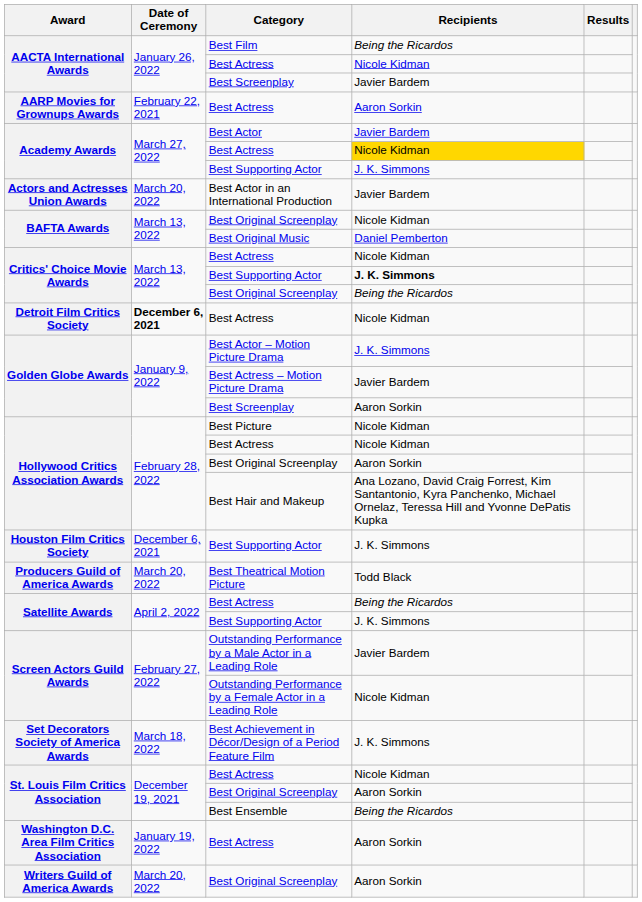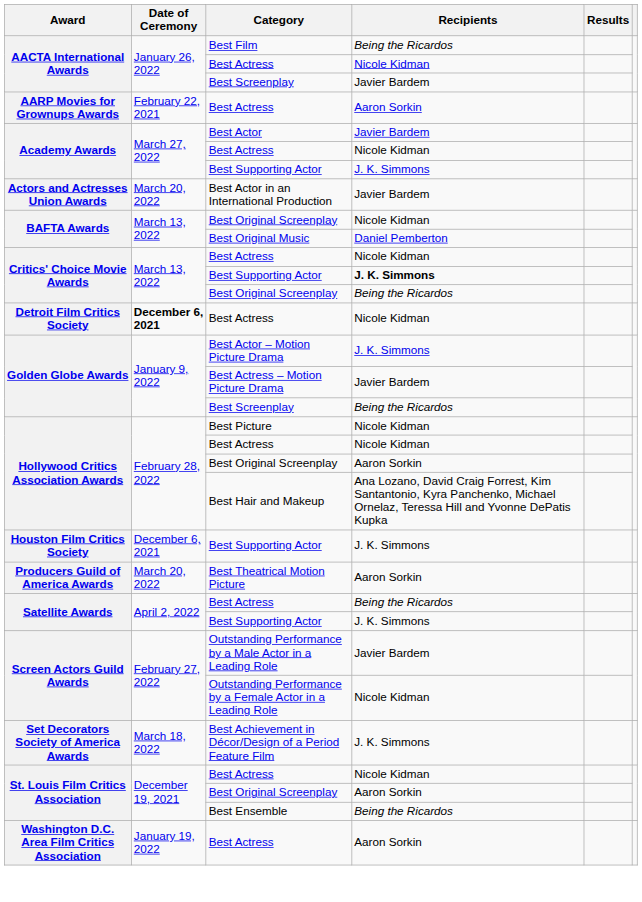 <table class="wikitable plainrowheaders sortable">
 <tr>
 <th>Award</th>
 <th>Date of Ceremony</th>
 <th>Category</th>
 <th>Recipients</th>
 <th>Results</th>
 <th class="unsortable"></th>
 </tr>
 <tr>
 <th scope="row" rowspan="3"><a href='#'>AACTA International Awards</a></th>
 <td rowspan="3"><a href='#'>January 26, 2022</a></td>
 <td><a href='#'>Best Film</a></td>
 <td><em>Being the Ricardos</em></td>
 <td></td>
 <td align="center"; rowspan=3></td>
 </tr>
 <tr>
 <td><a href='#'>Best Actress</a></td>
 <td><a href='#'>Nicole Kidman</a></td>
 <td></td>
 </tr>
 <tr>
 <td><a href='#'>Best Screenplay</a></td>
 <td>Javier Bardem</td>
 <td></td>
 </tr>
 <tr>
 <th scope = "row"><a href='#'>AARP Movies for Grownups Awards</a></th>
 <td><a href='#'>February 22, 2021</a></td>
 <td><a href='#'>Best Actress</a></td>
 <td><a href='#'>Aaron Sorkin</a></td>
 <td></td>
 <td align="center"></td>
 </tr>
 <tr>
 <th scope="row" rowspan="3"><a href='#'>Academy Awards</a></th>
 <td rowspan=3><a href='#'>March 27, 2022</a></td>
 <td><a href='#'>Best Actor</a></td>
 <td><a href='#'>Javier Bardem</a></td>
 <td></td>
 <td rowspan=3; style="text-align:center"></td>
 </tr>
 <tr>
 <td><a href='#'>Best Actress</a></td>
-<td style="background: gold;">Nicole Kidman</td>
+<td>Nicole Kidman</td>
 <td></td>
 </tr>
 <tr>
 <td><a href='#'>Best Supporting Actor</a></td>
 <td><a href='#'>J. K. Simmons</a></td>
 <td></td>
 </tr>
 <tr>
 <th scope = "row"><a href='#'>Actors and Actresses Union Awards</a></th>
 <td><a href='#'>March 20, 2022</a></td>
 <td>Best Actor in an International Production</td>
 <td>Javier Bardem</td>
 <td></td>
 <td align="center"></td>
 </tr>
 <tr>
 <th scope="row" rowspan="2"><a href='#'>BAFTA Awards</a></th>
 <td rowspan=2><a href='#'>March 13, 2022</a></td>
 <td><a href='#'>Best Original Screenplay</a></td>
 <td>Nicole Kidman</td>
 <td></td>
 <td rowspan="2" ; style="text-align:center"></td>
 </tr>
 <tr>
 <td><a href='#'>Best Original Music</a></td>
 <td><a href='#'>Daniel Pemberton</a></td>
 <td></td>
 </tr>
 <tr>
 <th scope="row" rowspan="3"><a href='#'>Critics' Choice Movie Awards</a></th>
 <td rowspan=3><a href='#'>March 13, 2022</a></td>
 <td><a href='#'>Best Actress</a></td>
 <td>Nicole Kidman</td>
 <td></td>
 <td rowspan=3; style="text-align:center"></td>
 </tr>
 <tr>
 <td><a href='#'>Best Supporting Actor</a></td>
 <td><strong>J. K. Simmons</strong></td>
 <td></td>
 </tr>
 <tr>
 <td><a href='#'>Best Original Screenplay</a></td>
 <td><em>Being the Ricardos</em></td>
 <td></td>
 </tr>
 <tr>
 <th scope="row"><a href='#'>Detroit Film Critics Society</a></th>
 <td><strong>December 6, 2021</strong></td>
 <td>Best Actress</td>
 <td>Nicole Kidman</td>
 <td></td>
 <td align="center"></td>
 </tr>
 <tr>
 <th scope="row" rowspan="3"><a href='#'>Golden Globe Awards</a></th>
 <td rowspan=3><a href='#'>January 9, 2022</a></td>
 <td><a href='#'>Best Actor – Motion Picture Drama</a></td>
 <td><a href='#'>J. K. Simmons</a></td>
 <td></td>
 <td rowspan="3" ; style="text-align:center"></td>
 </tr>
 <tr>
 <td><a href='#'>Best Actress – Motion Picture Drama</a></td>
 <td>Javier Bardem</td>
 <td></td>
 </tr>
 <tr>
 <td><a href='#'>Best Screenplay</a></td>
-<td>Aaron Sorkin</td>
+<td><em>Being the Ricardos</em></td>
 <td></td>
 </tr>
 <tr>
 <th scope="row" rowspan="4"><a href='#'>Hollywood Critics Association Awards</a></th>
 <td rowspan=4><a href='#'>February 28, 2022</a></td>
 <td>Best Picture</td>
 <td>Nicole Kidman</td>
 <td></td>
 <td rowspan="4" ; style="text-align:center"></td>
 </tr>
 <tr>
 <td>Best Actress</td>
 <td>Nicole Kidman</td>
 <td></td>
 </tr>
 <tr>
 <td>Best Original Screenplay</td>
 <td>Aaron Sorkin</td>
 <td></td>
 </tr>
 <tr>
 <td>Best Hair and Makeup</td>
 <td>Ana Lozano, David Craig Forrest, Kim Santantonio, Kyra Panchenko, Michael Ornelaz, Teressa Hill and Yvonne DePatis Kupka</td>
 <td></td>
 </tr>
 <tr>
 <th scope="row"><a href='#'>Houston Film Critics Society</a></th>
 <td><a href='#'>December 6, 2021</a></td>
 <td><a href='#'>Best Supporting Actor</a></td>
 <td>J. K. Simmons</td>
 <td></td>
 <td align="center"></td>
 </tr>
 <tr>
 <th scope="row"><a href='#'>Producers Guild of America Awards</a></th>
 <td><a href='#'>March 20, 2022</a></td>
 <td><a href='#'>Best Theatrical Motion Picture</a></td>
-<td>Todd Black</td>
+<td>Aaron Sorkin</td>
 <td></td>
 <td align="center"></td>
 </tr>
 <tr>
 <th scope="row" rowspan="2"><a href='#'>Satellite Awards</a></th>
 <td rowspan=2><a href='#'>April 2, 2022</a></td>
 <td><a href='#'>Best Actress</a></td>
 <td><em>Being the Ricardos</em></td>
 <td></td>
 <td rowspan="2" ; style="text-align:center"></td>
 </tr>
 <tr>
 <td><a href='#'>Best Supporting Actor</a></td>
 <td>J. K. Simmons</td>
 <td></td>
 </tr>
 <tr>
 <th scope="row" rowspan="2"><a href='#'>Screen Actors Guild Awards</a></th>
 <td rowspan=2><a href='#'>February 27, 2022</a></td>
 <td><a href='#'>Outstanding Performance by a Male Actor in a Leading Role</a></td>
 <td>Javier Bardem</td>
 <td></td>
 <td rowspan="2" ; style="text-align:center"></td>
 </tr>
 <tr>
 <td><a href='#'>Outstanding Performance by a Female Actor in a Leading Role</a></td>
 <td>Nicole Kidman</td>
 <td></td>
 </tr>
 <tr>
 <th scope="row"><a href='#'>Set Decorators Society of America Awards</a></th>
 <td><a href='#'>March 18, 2022</a></td>
 <td><a href='#'>Best Achievement in Décor/Design of a Period Feature Film</a></td>
 <td>J. K. Simmons</td>
 <td></td>
 <td align="center"></td>
 </tr>
 <tr>
 <th scope="row" rowspan="3"><a href='#'>St. Louis Film Critics Association</a></th>
 <td rowspan=3><a href='#'>December 19, 2021</a></td>
 <td><a href='#'>Best Actress</a></td>
 <td>Nicole Kidman</td>
 <td></td>
 <td rowspan="3" ; style="text-align:center"></td>
 </tr>
 <tr>
 <td><a href='#'>Best Original Screenplay</a></td>
 <td>Aaron Sorkin</td>
 <td></td>
 </tr>
 <tr>
 <td>Best Ensemble</td>
 <td><em>Being the Ricardos</em></td>
 <td></td>
 </tr>
 <tr>
 <th scope="row"><a href='#'>Washington D.C. Area Film Critics Association</a></th>
 <td><a href='#'>January 19, 2022</a></td>
 <td><a href='#'>Best Actress</a></td>
 <td>Aaron Sorkin</td>
 <td></td>
 <td align="center"></td>
 </tr>
-<tr>
-<th scope="row"><a href='#'>Writers Guild of America Awards</a></th>
-<td><a href='#'>March 20, 2022</a></td>
-<td><a href='#'>Best Original Screenplay</a></td>
-<td>Aaron Sorkin</td>
-<td></td>
-<td align="center"></td>
-</tr>
 </table>
